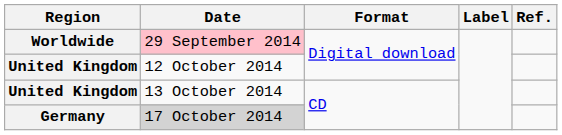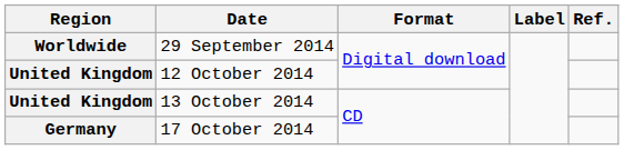 <table class="wikitable sortable plainrowheaders">
 <tr>
 <th scope="col">Region</th>
 <th scope="col">Date</th>
 <th scope="col">Format</th>
 <th scope="col">Label</th>
 <th scope="col">Ref.</th>
 </tr>
 <tr>
 <th scope="row">Worldwide</th>
-<td style="background: pink;">29 September 2014</td>
+<td>29 September 2014</td>
 <td rowspan="2"><a href='#'>Digital download</a></td>
 <td rowspan="4"></td>
 <td></td>
 </tr>
 <tr>
 <th scope="row">United Kingdom</th>
 <td>12 October 2014</td>
 <td></td>
 </tr>
 <tr>
 <th scope="row">United Kingdom</th>
 <td>13 October 2014</td>
 <td rowspan="2"><a href='#'>CD</a></td>
 <td></td>
 </tr>
 <tr>
 <th scope="row">Germany</th>
-<td style="background: lightgrey;">17 October 2014</td>
+<td>17 October 2014</td>
 <td></td>
 </tr>
 </table>
